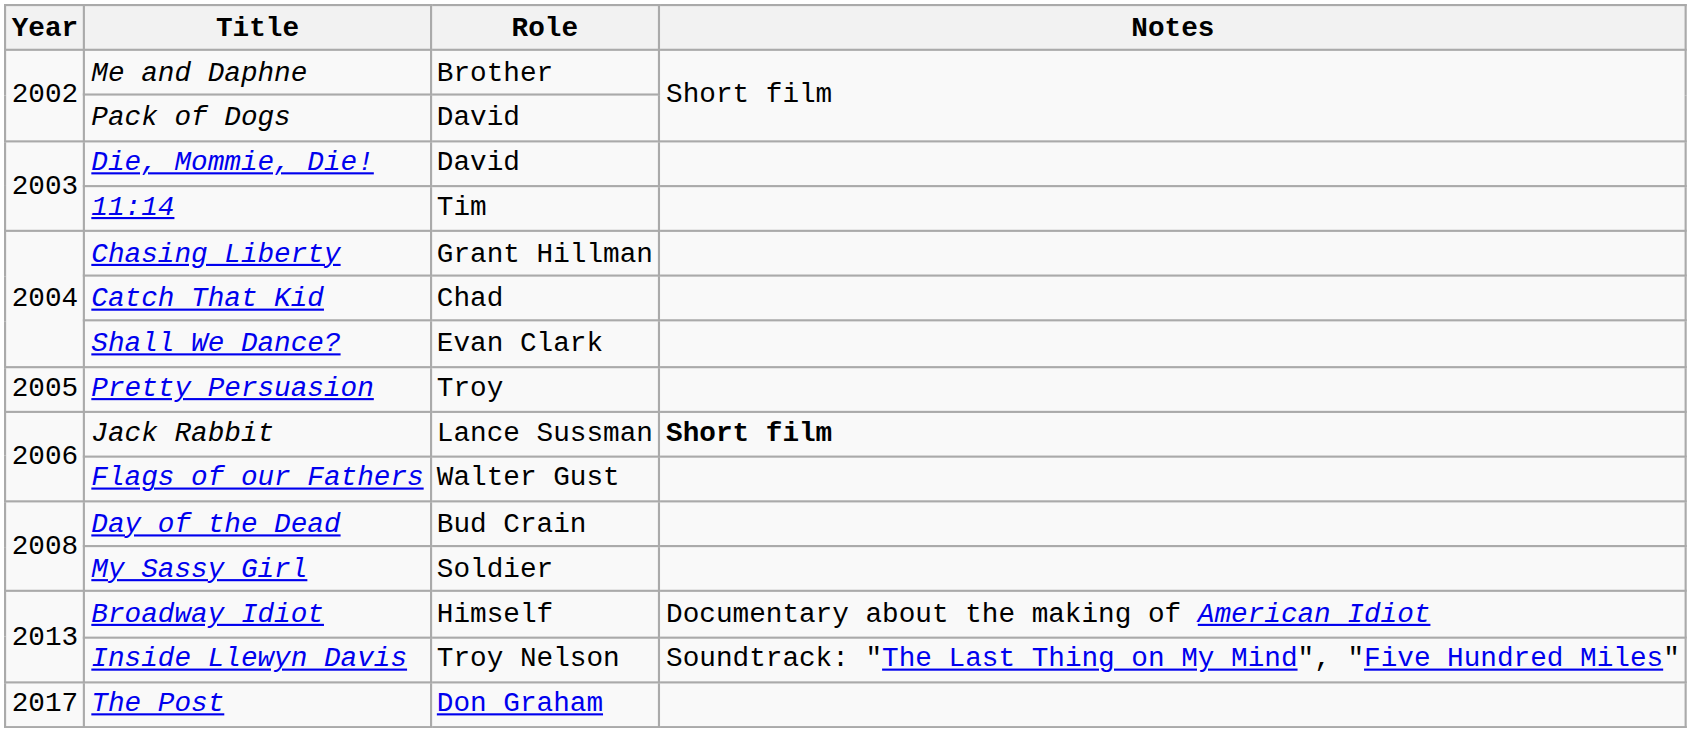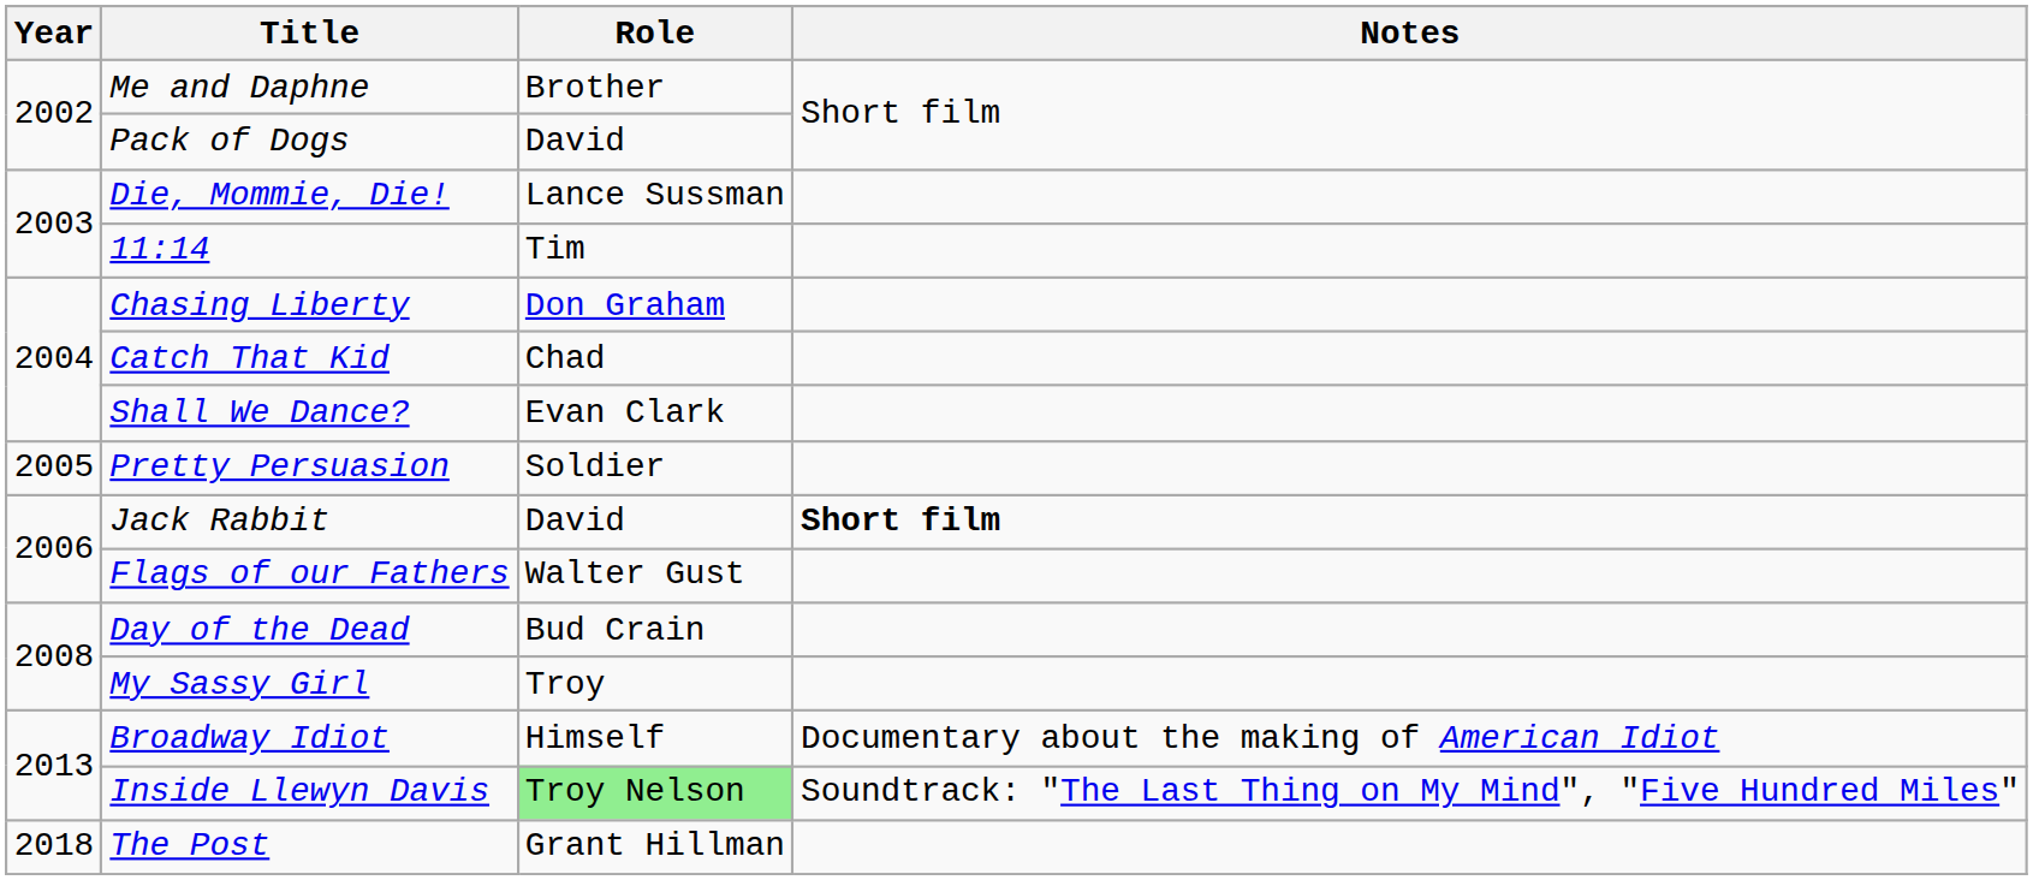 <table class="wikitable sortable">
 <tr>
 <th>Year</th>
 <th>Title</th>
 <th>Role</th>
 <th class="unsortable">Notes</th>
 </tr>
 <tr>
 <td rowspan="2">2002</td>
 <td><em>Me and Daphne</em></td>
 <td>Brother</td>
 <td rowspan="2">Short film</td>
 </tr>
 <tr>
 <td><em>Pack of Dogs</em></td>
 <td>David</td>
 </tr>
 <tr>
 <td rowspan="2">2003</td>
 <td><em><a href='#'>Die, Mommie, Die!</a></em></td>
-<td>David</td>
+<td>Lance Sussman</td>
 <td></td>
 </tr>
 <tr>
 <td><em><a href='#'>11:14</a></em></td>
 <td>Tim</td>
 <td></td>
 </tr>
 <tr>
 <td rowspan="3">2004</td>
 <td><em><a href='#'>Chasing Liberty</a></em></td>
-<td>Grant Hillman</td>
+<td><a href='#'>Don Graham</a></td>
 <td></td>
 </tr>
 <tr>
 <td><em><a href='#'>Catch That Kid</a></em></td>
 <td>Chad</td>
 <td></td>
 </tr>
 <tr>
 <td><em><a href='#'>Shall We Dance?</a></em></td>
 <td>Evan Clark</td>
 <td></td>
 </tr>
 <tr>
 <td>2005</td>
 <td><em><a href='#'>Pretty Persuasion</a></em></td>
-<td>Troy</td>
+<td>Soldier</td>
 <td></td>
 </tr>
 <tr>
 <td rowspan="2">2006</td>
 <td><em>Jack Rabbit</em></td>
-<td>Lance Sussman</td>
+<td>David</td>
 <td><strong>Short film</strong></td>
 </tr>
 <tr>
 <td><em><a href='#'>Flags of our Fathers</a></em></td>
 <td>Walter Gust</td>
 <td></td>
 </tr>
 <tr>
 <td rowspan="2">2008</td>
 <td><em><a href='#'>Day of the Dead</a></em></td>
 <td>Bud Crain</td>
 <td></td>
 </tr>
 <tr>
 <td><em><a href='#'>My Sassy Girl</a></em></td>
-<td>Soldier</td>
+<td>Troy</td>
 <td></td>
 </tr>
 <tr>
 <td rowspan="2">2013</td>
 <td><em><a href='#'>Broadway Idiot</a></em></td>
 <td>Himself</td>
 <td>Documentary about the making of <em><a href='#'>American Idiot</a></em></td>
 </tr>
 <tr>
 <td><em><a href='#'>Inside Llewyn Davis</a></em></td>
-<td>Troy Nelson</td>
+<td style="background: lightgreen;">Troy Nelson</td>
 <td>Soundtrack: "<a href='#'>The Last Thing on My Mind</a>", "<a href='#'>Five Hundred Miles</a>"</td>
 </tr>
 <tr>
-<td>2017</td>
+<td>2018</td>
 <td><em><a href='#'>The Post</a></em></td>
-<td><a href='#'>Don Graham</a></td>
+<td>Grant Hillman</td>
 <td></td>
 </tr>
 </table>
